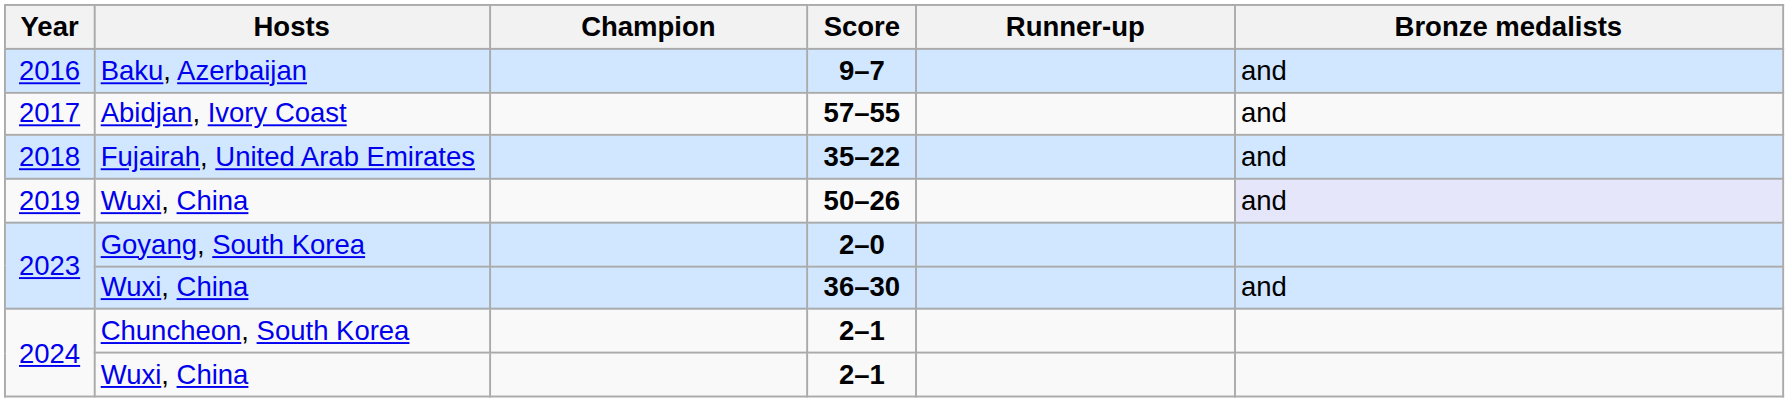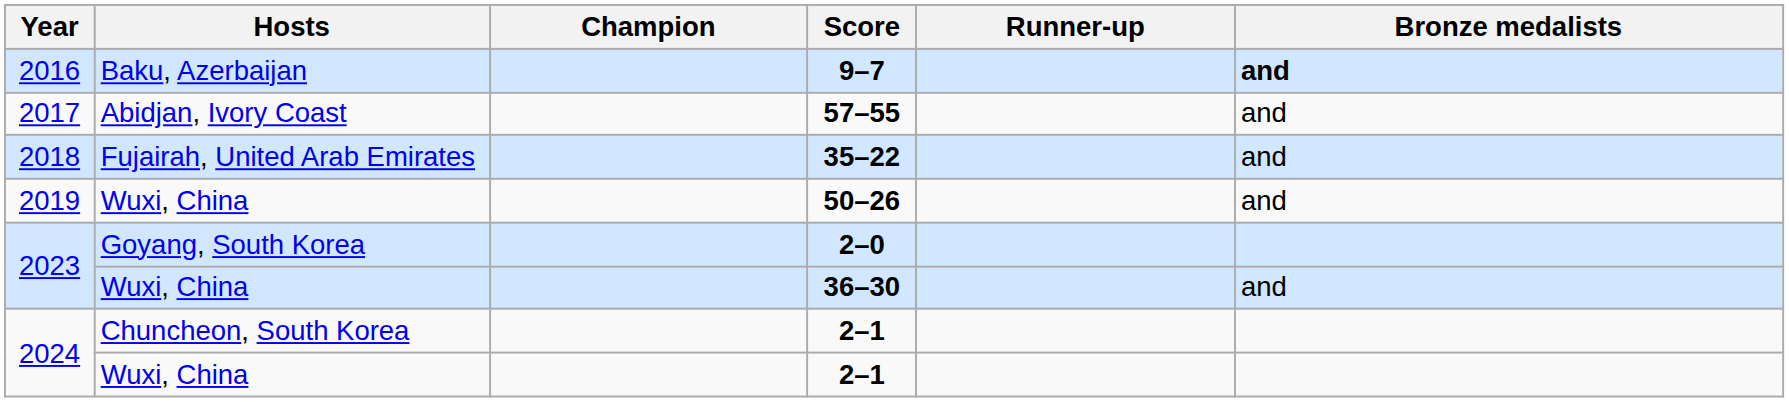 <table class="wikitable" style="font-size:90%; text-align: left;">
 <tr bgcolor=#C1D8FF>
 <th width=40>Year</th>
 <th width=200>Hosts</th>
 <th width=160>Champion</th>
 <th width=50>Score</th>
 <th width=160>Runner-up</th>
 <th width=280>Bronze medalists</th>
 </tr>
 <tr bgcolor=#D0E7FF>
 <td align=center><a href='#'>2016</a></td>
 <td> <a href='#'>Baku</a>, <a href='#'>Azerbaijan</a></td>
 <td><strong></strong></td>
 <td align=center><strong>9–7</strong></td>
 <td></td>
-<td> and </td>
+<td><strong> and </strong></td>
 </tr>
 <tr>
 <td align=center><a href='#'>2017</a></td>
 <td> <a href='#'>Abidjan</a>, <a href='#'>Ivory Coast</a></td>
 <td><strong></strong></td>
 <td align=center><strong>57–55</strong></td>
 <td></td>
 <td> and </td>
 </tr>
 <tr bgcolor=#D0E7FF>
 <td align=center><a href='#'>2018</a></td>
 <td> <a href='#'>Fujairah</a>, <a href='#'>United Arab Emirates</a></td>
 <td><strong></strong></td>
 <td align=center><strong>35–22</strong></td>
 <td></td>
 <td> and </td>
 </tr>
 <tr>
 <td align=center><a href='#'>2019</a></td>
 <td> <a href='#'>Wuxi</a>, <a href='#'>China</a></td>
 <td><strong></strong></td>
 <td align=center><strong>50–26</strong></td>
 <td></td>
-<td style="background: lavender;"> and </td>
+<td> and </td>
 </tr>
 <tr bgcolor=#D0E7FF>
 <td align=center rowspan=2><a href='#'>2023</a></td>
 <td> <a href='#'>Goyang</a>, <a href='#'>South Korea</a></td>
 <td><strong></strong></td>
 <td align=center><strong>2–0</strong></td>
 <td></td>
 <td></td>
 </tr>
 <tr bgcolor=#D0E7FF>
 <td> <a href='#'>Wuxi</a>, <a href='#'>China</a></td>
 <td><strong></strong></td>
 <td align=center><strong>36–30</strong></td>
 <td></td>
 <td> and </td>
 </tr>
 <tr>
 <td align=center rowspan=2><a href='#'>2024</a></td>
 <td> <a href='#'>Chuncheon</a>, <a href='#'>South Korea</a></td>
 <td><strong></strong></td>
 <td align=center><strong>2–1</strong></td>
 <td></td>
 <td></td>
 </tr>
 <tr>
 <td> <a href='#'>Wuxi</a>, <a href='#'>China</a></td>
 <td><strong></strong></td>
 <td align=center><strong>2–1</strong></td>
 <td></td>
 <td></td>
 </tr>
 </table>
